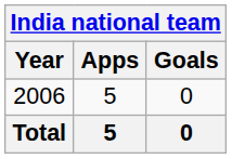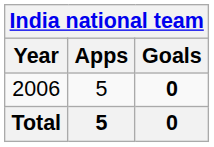 <table class="wikitable" style="text-align:center">
 <tr>
 <th colspan=3><a href='#'>India national team</a></th>
 </tr>
 <tr>
 <th>Year</th>
 <th>Apps</th>
 <th>Goals</th>
 </tr>
 <tr>
 <td>2006</td>
 <td>5</td>
-<td>0</td>
+<td><strong>0</strong></td>
 </tr>
 <tr>
 <th>Total</th>
 <th>5</th>
 <th>0</th>
 </tr>
 </table>
